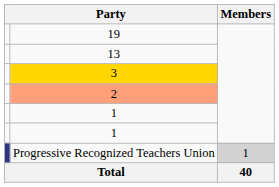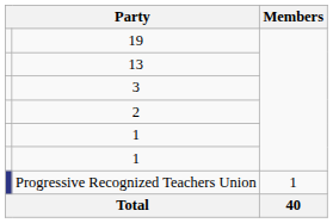 <table class="wikitable sortable">
 <tr>
 <th colspan="2">Party</th>
 <th>Members</th>
 </tr>
 <tr>
 <td></td>
 <td style="text-align: center;">19</td>
 </tr>
 <tr>
 <td></td>
 <td style="text-align: center;">13</td>
 </tr>
 <tr>
 <td></td>
-<td style="background: gold; text-align: center;">3</td>
+<td style="text-align: center;">3</td>
 </tr>
 <tr>
 <td></td>
-<td style="background: lightsalmon; text-align: center;">2</td>
+<td style="text-align: center;">2</td>
 </tr>
 <tr>
 <td></td>
 <td style="text-align: center;">1</td>
 </tr>
 <tr>
 <td></td>
 <td style="text-align: center;">1</td>
 </tr>
 <tr>
 <td style="background-color: #2c3484"></td>
 <td>Progressive Recognized Teachers Union</td>
-<td style="background: lightgrey; text-align: center;">1</td>
+<td style="text-align: center;">1</td>
 </tr>
 <tr>
 <th colspan="2"><strong>Total</strong></th>
 <th>40</th>
 </tr>
 </table>
